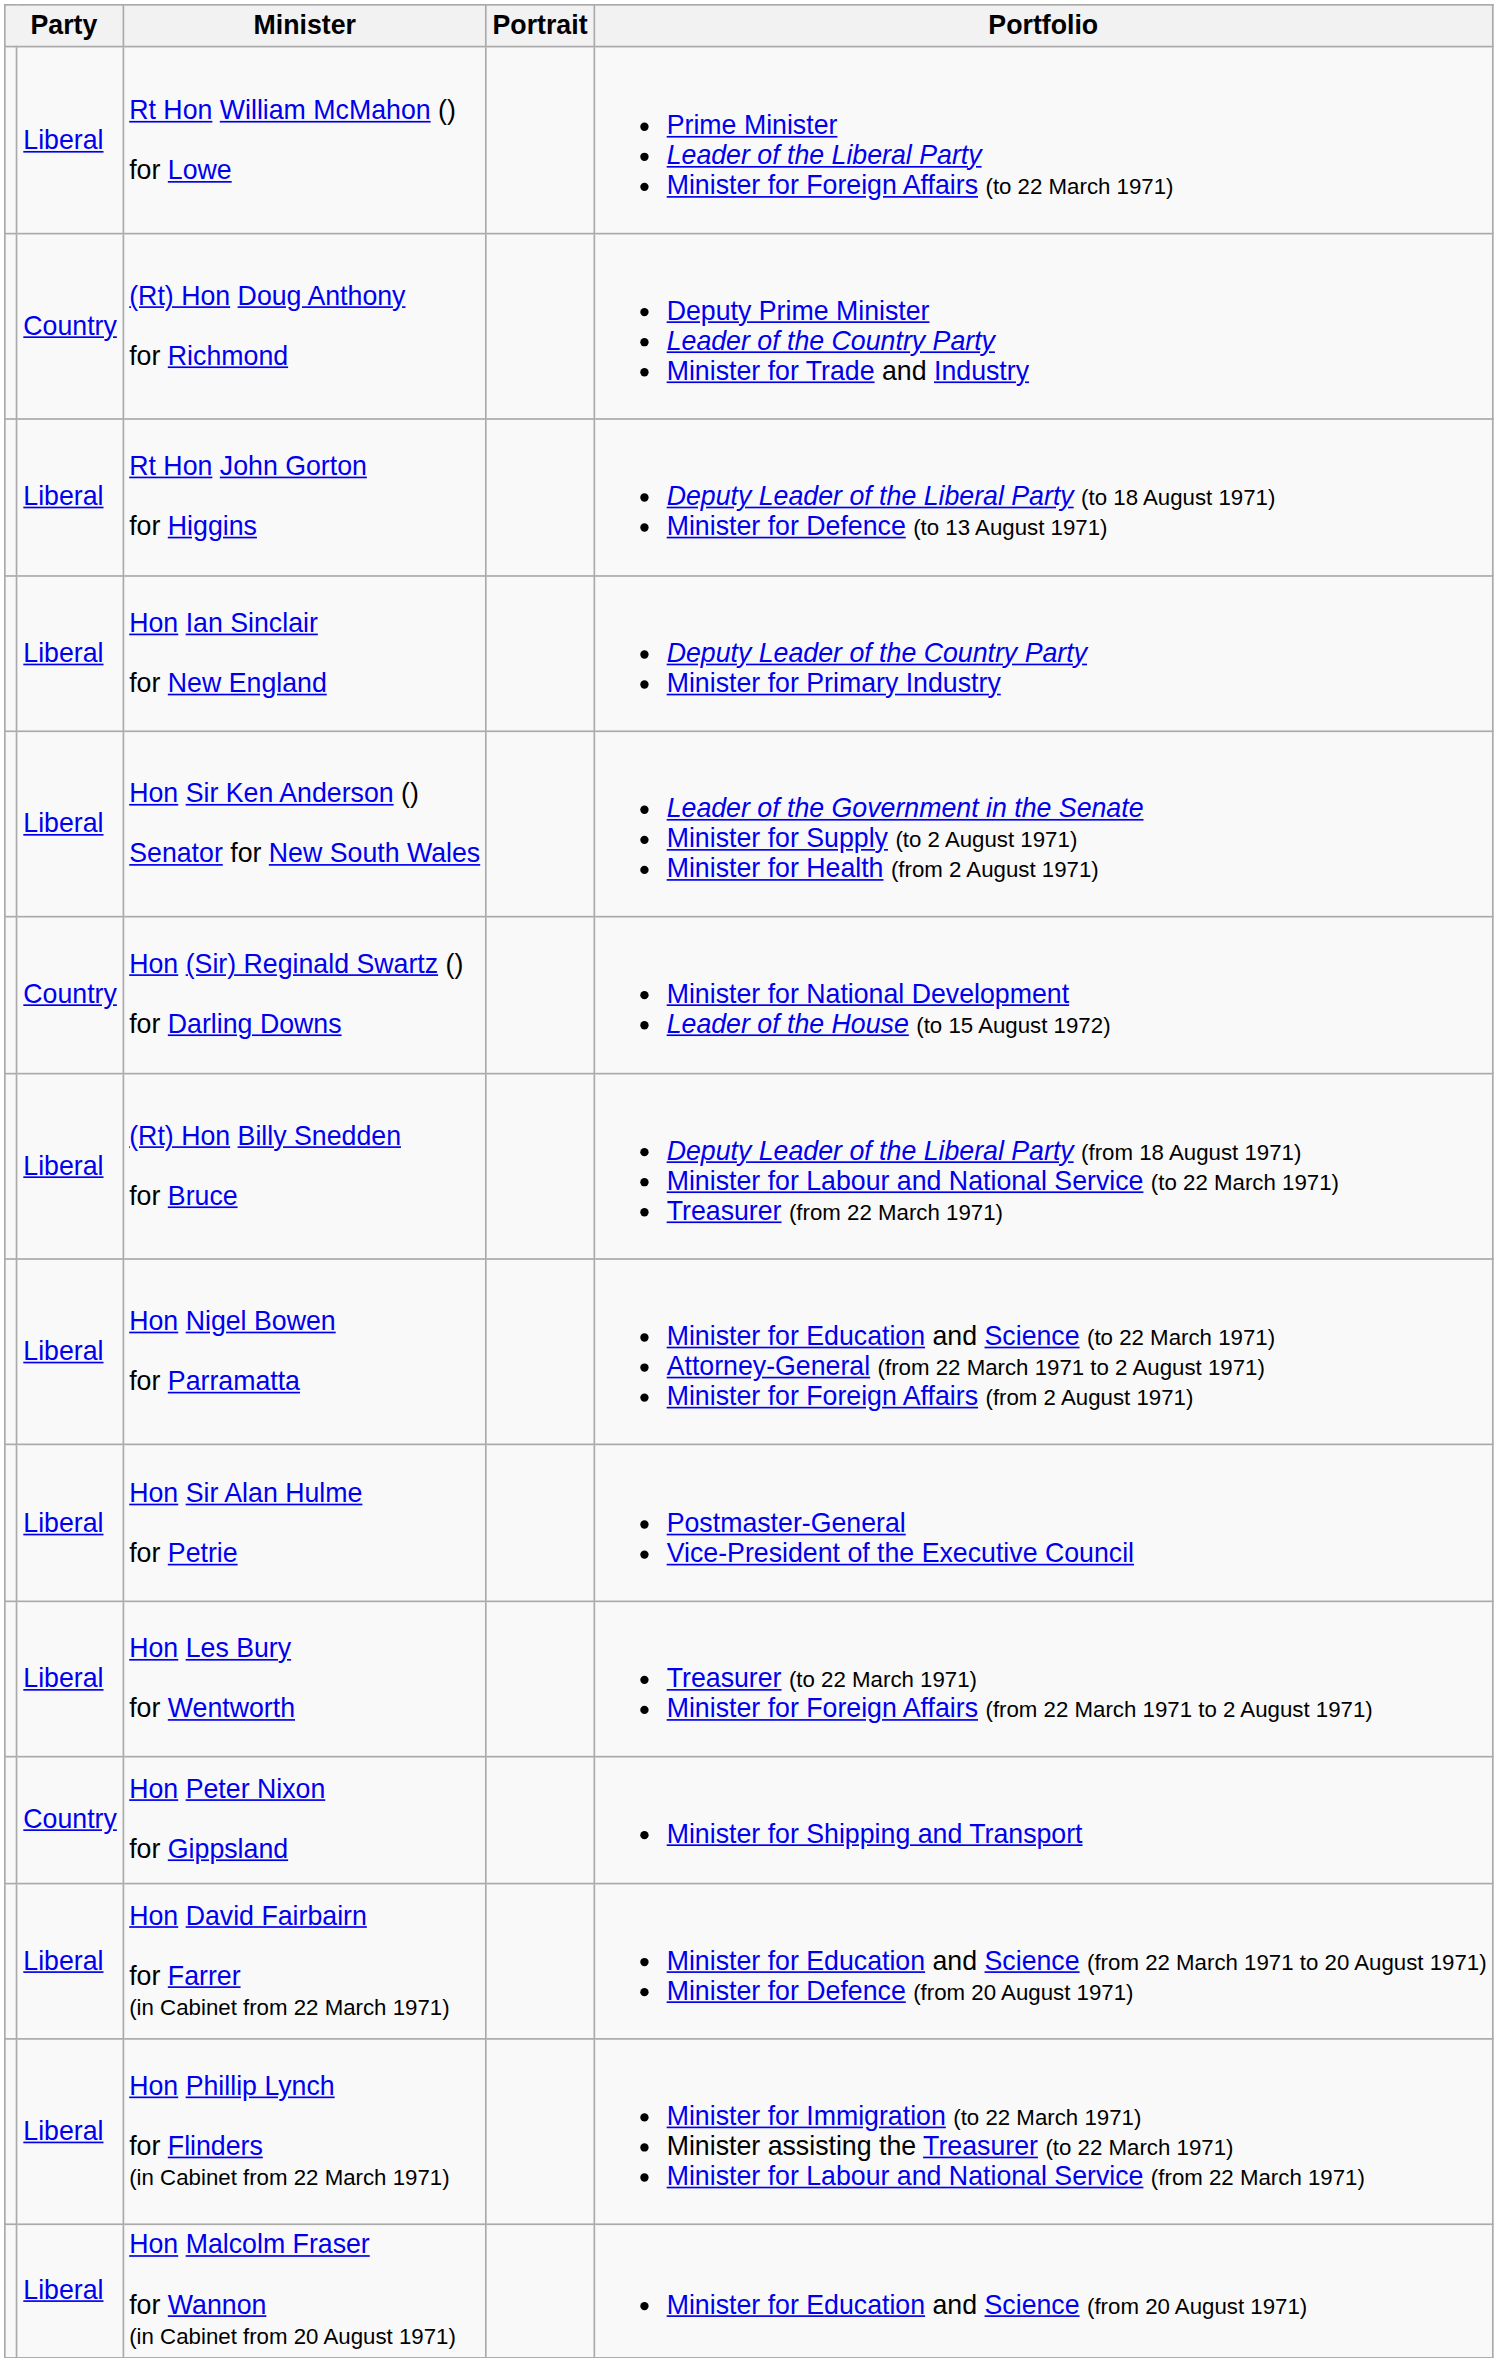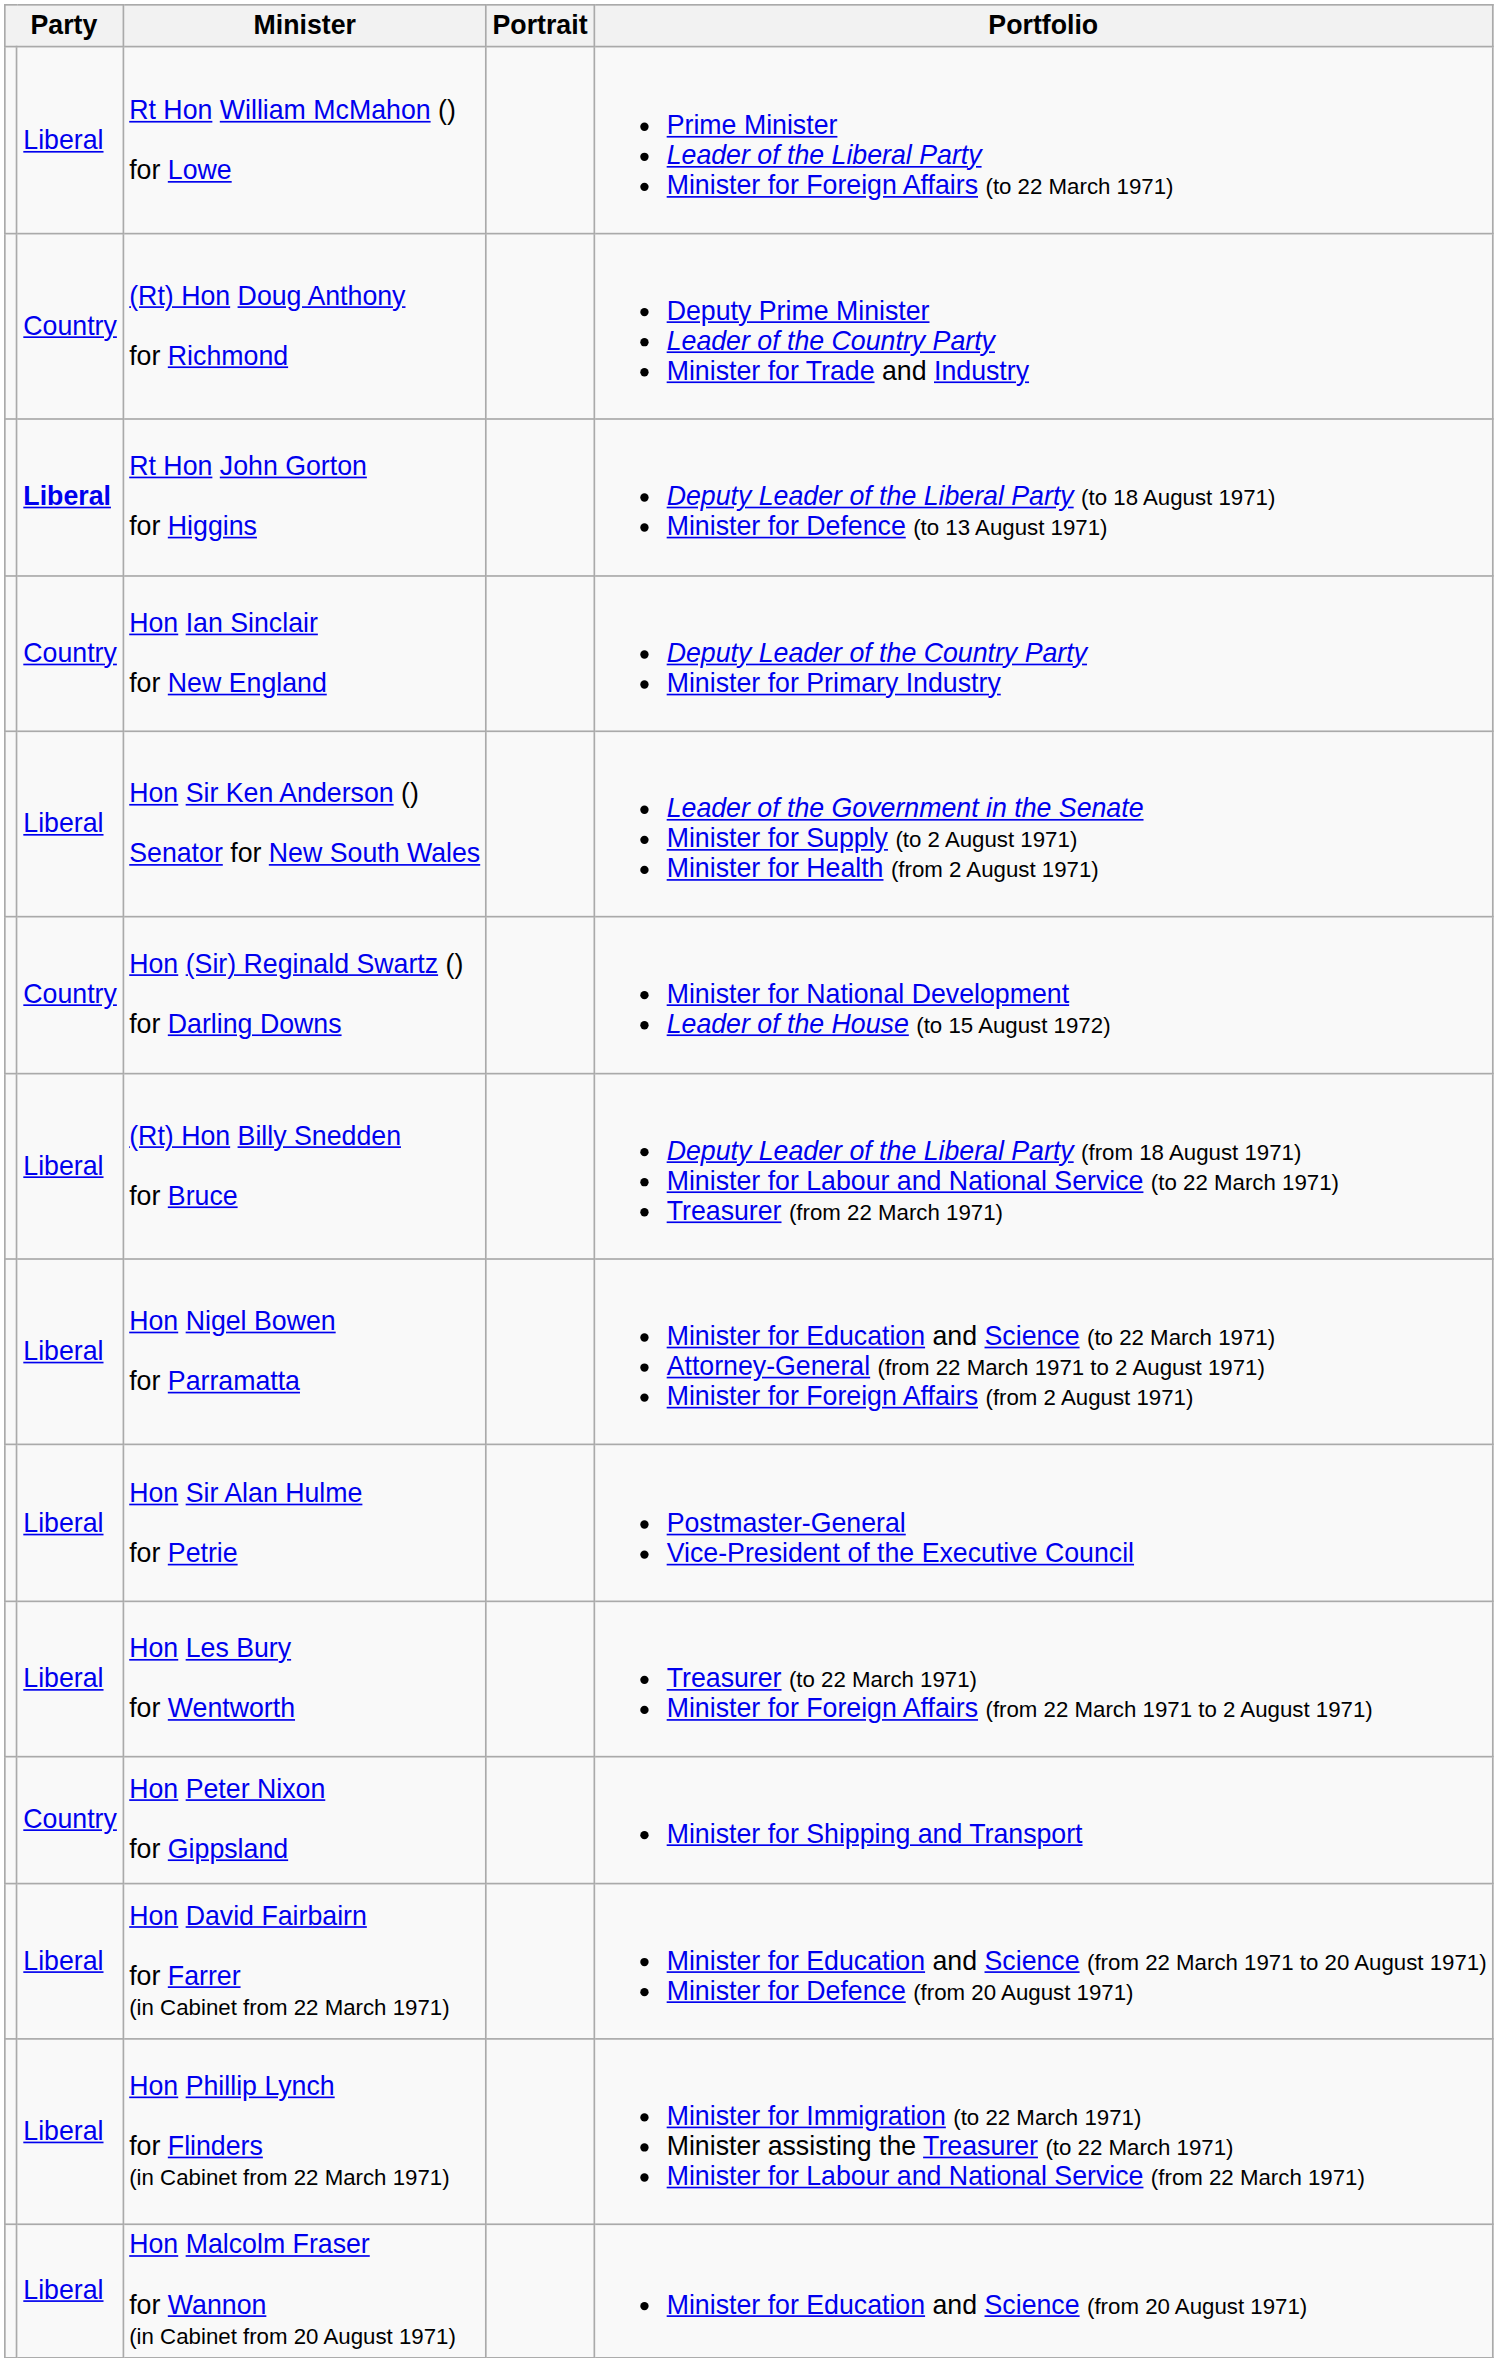 <table class="wikitable sortable">
 <tr>
 <th colspan="2">Party</th>
 <th>Minister</th>
 <th>Portrait</th>
 <th>Portfolio</th>
 </tr>
 <tr>
 <td></td>
 <td><a href='#'>Liberal</a></td>
 <td><a href='#'>Rt Hon</a> <a href='#'>William McMahon</a> () <br><br> for <a href='#'>Lowe</a> <br></td>
 <td></td>
 <td><br><ul><li><a href='#'>Prime Minister</a></li><li><em><a href='#'>Leader of the Liberal Party</a></em></li><li><a href='#'>Minister for Foreign Affairs</a> <small>(to 22 March 1971)</small></li></ul></td>
 </tr>
 <tr>
 <td></td>
 <td><a href='#'>Country</a></td>
 <td><a href='#'>(Rt) Hon</a> <a href='#'>Doug Anthony</a> <br><br> for <a href='#'>Richmond</a> <br></td>
 <td></td>
 <td><br><ul><li><a href='#'>Deputy Prime Minister</a></li><li><em><a href='#'>Leader of the Country Party</a></em></li><li><a href='#'>Minister for Trade</a> and <a href='#'>Industry</a></li></ul></td>
 </tr>
 <tr>
 <td></td>
-<td><a href='#'>Liberal</a></td>
+<td><strong><a href='#'>Liberal</a></strong></td>
 <td><a href='#'>Rt Hon</a> <a href='#'>John Gorton</a>  <br><br> for <a href='#'>Higgins</a> <br></td>
 <td></td>
 <td><br><ul><li><em><a href='#'>Deputy Leader of the Liberal Party</a></em> <small>(to 18 August 1971)</small></li><li><a href='#'>Minister for Defence</a> <small>(to 13 August 1971)</small></li></ul></td>
 </tr>
 <tr>
 <td></td>
-<td><a href='#'>Liberal</a></td>
+<td><a href='#'>Country</a></td>
 <td><a href='#'>Hon</a> <a href='#'>Ian Sinclair</a> <br><br> for <a href='#'>New England</a> <br></td>
 <td></td>
 <td><br><ul><li><em><a href='#'>Deputy Leader of the Country Party</a></em></li><li><a href='#'>Minister for Primary Industry</a></li></ul></td>
 </tr>
 <tr>
 <td></td>
 <td><a href='#'>Liberal</a></td>
 <td><a href='#'>Hon</a> <a href='#'>Sir Ken Anderson</a> () <br><br><a href='#'>Senator</a> for <a href='#'>New South Wales</a> <br></td>
 <td></td>
 <td><br><ul><li><em><a href='#'>Leader of the Government in the Senate</a></em></li><li><a href='#'>Minister for Supply</a> <small>(to 2 August 1971)</small></li><li><a href='#'>Minister for Health</a> <small>(from 2 August 1971)</small></li></ul></td>
 </tr>
 <tr>
 <td></td>
 <td><a href='#'>Country</a></td>
 <td><a href='#'>Hon</a> <a href='#'>(Sir) Reginald Swartz</a> () <br><br> for <a href='#'>Darling Downs</a> <br></td>
 <td></td>
 <td><br><ul><li><a href='#'>Minister for National Development</a></li><li><em><a href='#'>Leader of the House</a></em> <small>(to 15 August 1972)</small></li></ul></td>
 </tr>
 <tr>
 <td></td>
 <td><a href='#'>Liberal</a></td>
 <td><a href='#'>(Rt) Hon</a> <a href='#'>Billy Snedden</a>  <br><br> for <a href='#'>Bruce</a> <br></td>
 <td></td>
 <td><br><ul><li><em><a href='#'>Deputy Leader of the Liberal Party</a></em> <small>(from 18 August 1971)</small></li><li><a href='#'>Minister for Labour and National Service</a> <small>(to 22 March 1971)</small></li><li><a href='#'>Treasurer</a> <small>(from 22 March 1971)</small></li></ul></td>
 </tr>
 <tr>
 <td></td>
 <td><a href='#'>Liberal</a></td>
 <td><a href='#'>Hon</a> <a href='#'>Nigel Bowen</a>  <br><br> for <a href='#'>Parramatta</a> <br></td>
 <td></td>
 <td><br><ul><li><a href='#'>Minister for Education</a> and <a href='#'>Science</a> <small>(to 22 March 1971)</small></li><li><a href='#'>Attorney-General</a> <small>(from 22 March 1971 to 2 August 1971)</small></li><li><a href='#'>Minister for Foreign Affairs</a> <small>(from 2 August 1971)</small></li></ul></td>
 </tr>
 <tr>
 <td></td>
 <td><a href='#'>Liberal</a></td>
 <td><a href='#'>Hon</a> <a href='#'>Sir Alan Hulme</a>  <br><br> for <a href='#'>Petrie</a> <br></td>
 <td></td>
 <td><br><ul><li><a href='#'>Postmaster-General</a></li><li><a href='#'>Vice-President of the Executive Council</a></li></ul></td>
 </tr>
 <tr>
 <td></td>
 <td><a href='#'>Liberal</a></td>
 <td><a href='#'>Hon</a> <a href='#'>Les Bury</a> <br><br> for <a href='#'>Wentworth</a> <br></td>
 <td></td>
 <td><br><ul><li><a href='#'>Treasurer</a> <small>(to 22 March 1971)</small></li><li><a href='#'>Minister for Foreign Affairs</a> <small>(from 22 March 1971 to 2 August 1971)</small></li></ul></td>
 </tr>
 <tr>
 <td></td>
 <td><a href='#'>Country</a></td>
 <td><a href='#'>Hon</a> <a href='#'>Peter Nixon</a> <br><br> for <a href='#'>Gippsland</a> <br></td>
 <td></td>
 <td><br><ul><li><a href='#'>Minister for Shipping and Transport</a></li></ul></td>
 </tr>
 <tr>
 <td></td>
 <td><a href='#'>Liberal</a></td>
 <td><a href='#'>Hon</a> <a href='#'>David Fairbairn</a>  <br><br> for <a href='#'>Farrer</a> <br> <small>(in Cabinet from 22 March 1971)</small></td>
 <td></td>
 <td><br><ul><li><a href='#'>Minister for Education</a> and <a href='#'>Science</a> <small>(from 22 March 1971 to 20 August 1971)</small></li><li><a href='#'>Minister for Defence</a> <small>(from 20 August 1971)</small></li></ul></td>
 </tr>
 <tr>
 <td></td>
 <td><a href='#'>Liberal</a></td>
 <td><a href='#'>Hon</a> <a href='#'>Phillip Lynch</a> <br><br> for <a href='#'>Flinders</a> <br> <small>(in Cabinet from 22 March 1971)</small></td>
 <td></td>
 <td><br><ul><li><a href='#'>Minister for Immigration</a> <small>(to 22 March 1971)</small></li><li>Minister assisting the <a href='#'>Treasurer</a> <small>(to 22 March 1971)</small></li><li><a href='#'>Minister for Labour and National Service</a> <small>(from 22 March 1971)</small></li></ul></td>
 </tr>
 <tr>
 <td></td>
 <td><a href='#'>Liberal</a></td>
 <td><a href='#'>Hon</a> <a href='#'>Malcolm Fraser</a> <br><br> for <a href='#'>Wannon</a> <br> <small>(in Cabinet from 20 August 1971)</small></td>
 <td></td>
 <td><br><ul><li><a href='#'>Minister for Education</a> and <a href='#'>Science</a> <small>(from 20 August 1971)</small></li></ul></td>
 </tr>
 </table>
